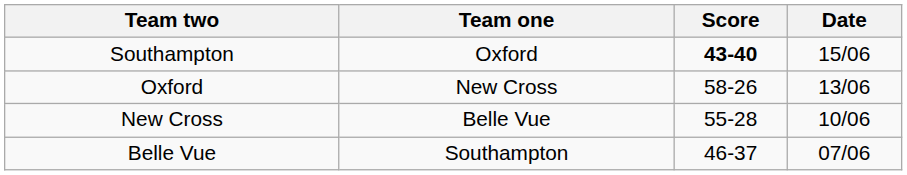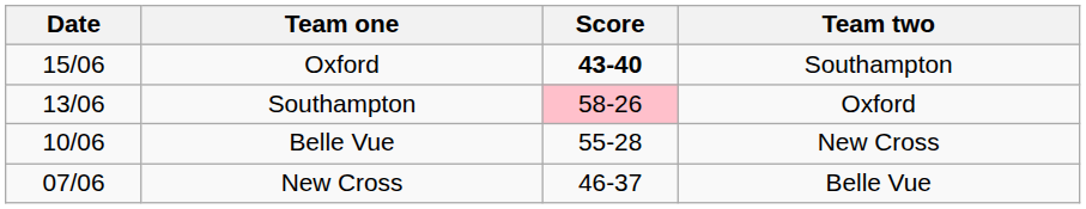 <table class="wikitable" style="text-align: center">
 <tr>
-<th width=250>Team two</th>
+<th width=80>Date</th>
 <th width=250>Team one</th>
 <th width=80>Score</th>
-<th width=80>Date</th>
+<th width=250>Team two</th>
 </tr>
 <tr>
-<td>Southampton</td>
+<td>15/06</td>
 <td>Oxford</td>
 <td><strong>43-40</strong></td>
-<td>15/06</td>
+<td>Southampton</td>
 </tr>
 <tr>
+<td>13/06</td>
+<td>Southampton</td>
+<td style="background: pink;">58-26</td>
 <td>Oxford</td>
-<td>New Cross</td>
-<td>58-26</td>
-<td>13/06</td>
 </tr>
 <tr>
-<td>New Cross</td>
+<td>10/06</td>
 <td>Belle Vue</td>
 <td>55-28</td>
-<td>10/06</td>
+<td>New Cross</td>
 </tr>
 <tr>
+<td>07/06</td>
+<td>New Cross</td>
+<td>46-37</td>
 <td>Belle Vue</td>
-<td>Southampton</td>
-<td>46-37</td>
-<td>07/06</td>
 </tr>
 </table>
